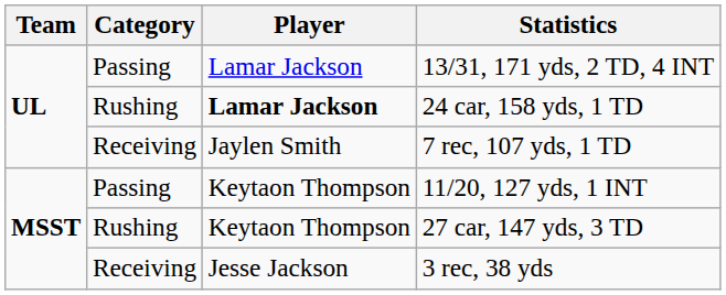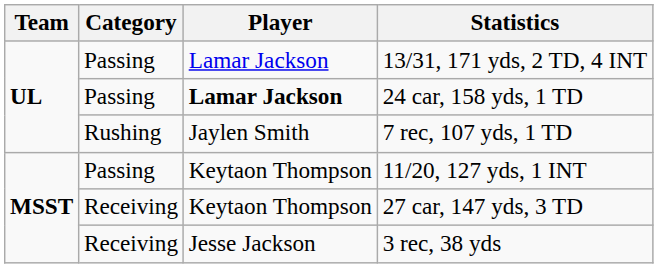 <table class="wikitable">
 <tr>
 <th>Team</th>
 <th>Category</th>
 <th>Player</th>
 <th>Statistics</th>
 </tr>
 <tr>
 <td rowspan=3><strong>UL</strong></td>
 <td>Passing</td>
 <td><a href='#'>Lamar Jackson</a></td>
 <td>13/31, 171 yds, 2 TD, 4 INT</td>
 </tr>
 <tr>
-<td>Rushing</td>
+<td>Passing</td>
 <td><strong>Lamar Jackson</strong></td>
 <td>24 car, 158 yds, 1 TD</td>
 </tr>
 <tr>
-<td>Receiving</td>
+<td>Rushing</td>
 <td>Jaylen Smith</td>
 <td>7 rec, 107 yds, 1 TD</td>
 </tr>
 <tr>
 <td rowspan=3><strong>MSST</strong></td>
 <td>Passing</td>
 <td>Keytaon Thompson</td>
 <td>11/20, 127 yds, 1 INT</td>
 </tr>
 <tr>
-<td>Rushing</td>
+<td>Receiving</td>
 <td>Keytaon Thompson</td>
 <td>27 car, 147 yds, 3 TD</td>
 </tr>
 <tr>
 <td>Receiving</td>
 <td>Jesse Jackson</td>
 <td>3 rec, 38 yds</td>
 </tr>
 </table>
